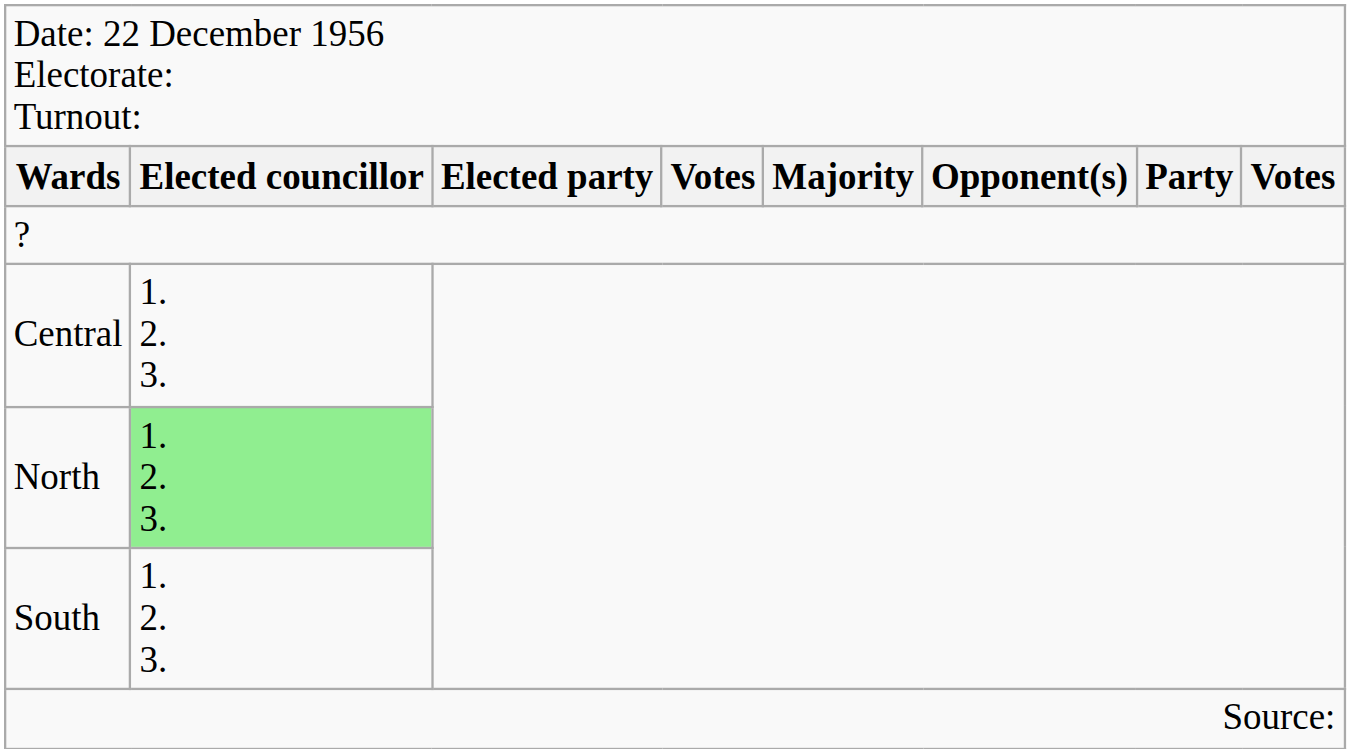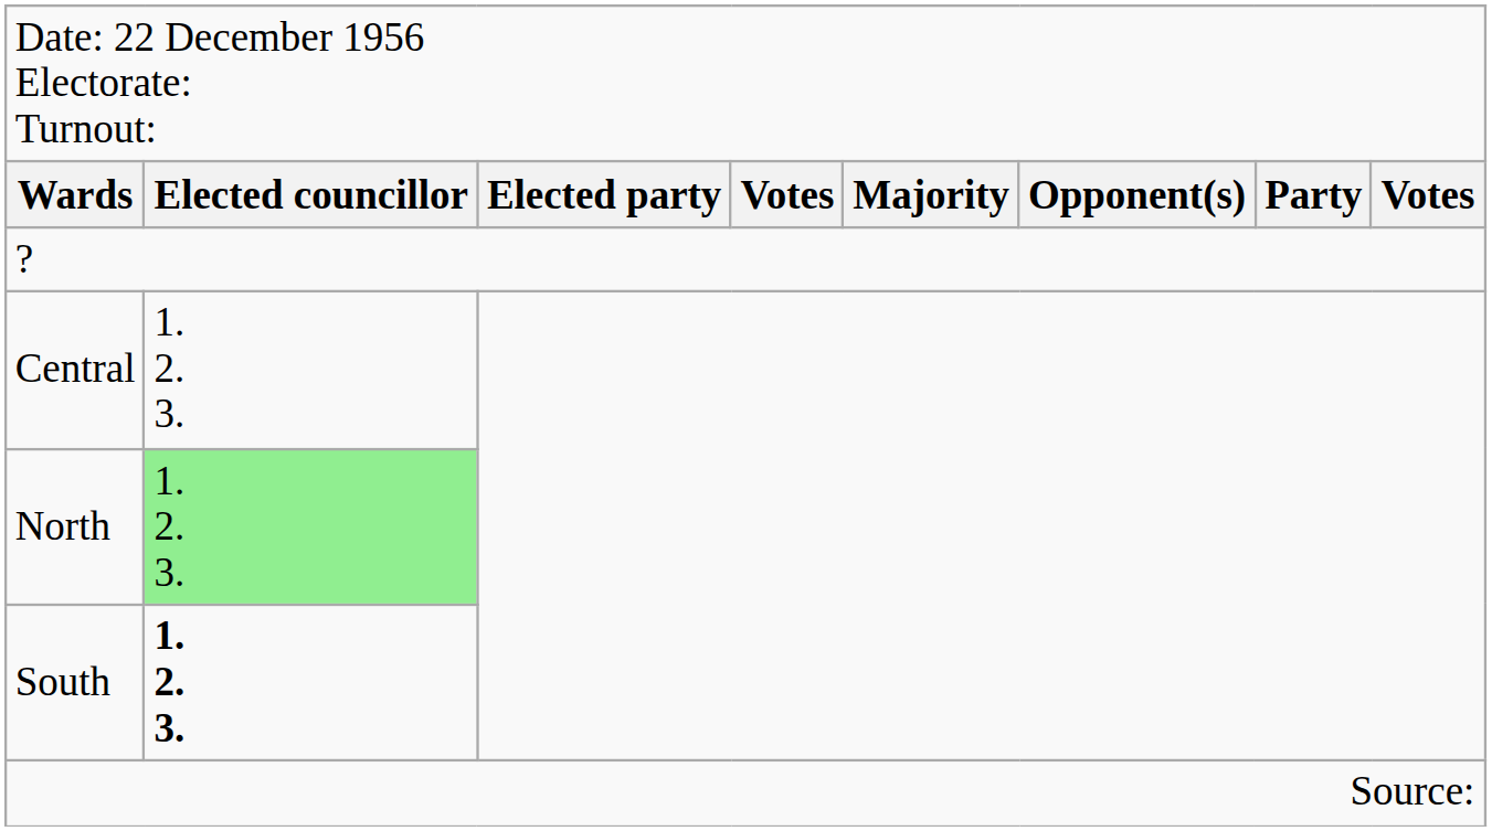 <table class=wikitable>
 <tr>
 <td colspan=8>Date: 22 December 1956<br>Electorate: <br>Turnout:</td>
 </tr>
 <tr>
 <th>Wards</th>
 <th>Elected councillor</th>
 <th>Elected party</th>
 <th>Votes</th>
 <th>Majority</th>
 <th>Opponent(s)</th>
 <th>Party</th>
 <th>Votes</th>
 </tr>
 <tr>
 <td colspan=8>? </td>
 </tr>
 <tr>
 <td>Central</td>
 <td>1.<br>2.<br>3.</td>
 </tr>
 <tr>
 <td>North</td>
 <td style="background: lightgreen;">1.<br>2.<br>3.</td>
 </tr>
 <tr>
 <td>South</td>
-<td>1.<br>2.<br>3.</td>
+<td><strong>1.<br>2.<br>3.</strong></td>
 </tr>
 <tr>
 <td colspan=8 align=right>Source: </td>
 </tr>
 </table>
